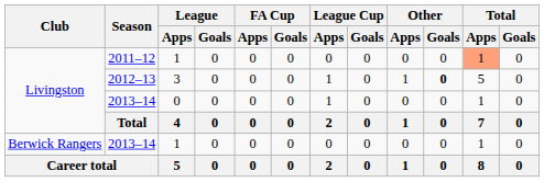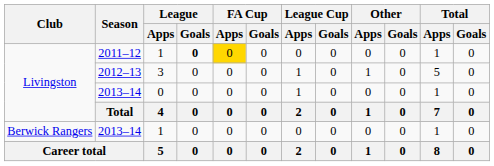 <table class="wikitable" style="text-align: center;">
 <tr>
 <th rowspan="2">Club</th>
 <th rowspan="2">Season</th>
 <th colspan="2">League</th>
 <th colspan="2">FA Cup</th>
 <th colspan="2">League Cup</th>
 <th colspan="2">Other</th>
 <th colspan="2">Total</th>
 </tr>
 <tr>
 <th>Apps</th>
 <th>Goals</th>
 <th>Apps</th>
 <th>Goals</th>
 <th>Apps</th>
 <th>Goals</th>
 <th>Apps</th>
 <th>Goals</th>
 <th>Apps</th>
 <th>Goals</th>
 </tr>
 <tr>
 <td rowspan="4" valign="center"><a href='#'>Livingston</a></td>
 <td><a href='#'>2011–12</a></td>
 <td>1</td>
+<td><strong>0</strong></td>
+<td style="background: gold;">0</td>
 <td>0</td>
 <td>0</td>
 <td>0</td>
 <td>0</td>
 <td>0</td>
-<td>0</td>
-<td>0</td>
-<td style="background: lightsalmon;">1</td>
+<td>1</td>
 <td>0</td>
 </tr>
 <tr>
 <td><a href='#'>2012–13</a></td>
 <td>3</td>
 <td>0</td>
 <td>0</td>
 <td>0</td>
 <td>1</td>
 <td>0</td>
 <td>1</td>
-<td><strong>0</strong></td>
+<td>0</td>
 <td>5</td>
 <td>0</td>
 </tr>
 <tr>
 <td><a href='#'>2013–14</a></td>
 <td>0</td>
 <td>0</td>
 <td>0</td>
 <td>0</td>
 <td>1</td>
 <td>0</td>
 <td>0</td>
 <td>0</td>
 <td>1</td>
 <td>0</td>
 </tr>
 <tr>
 <th>Total</th>
 <th>4</th>
 <th>0</th>
 <th>0</th>
 <th>0</th>
 <th>2</th>
 <th>0</th>
 <th>1</th>
 <th>0</th>
 <th>7</th>
 <th>0</th>
 </tr>
 <tr>
 <td rowspan="1" valign="center"><a href='#'>Berwick Rangers</a></td>
 <td><a href='#'>2013–14</a></td>
 <td>1</td>
 <td>0</td>
 <td>0</td>
 <td>0</td>
 <td>0</td>
 <td>0</td>
 <td>0</td>
 <td>0</td>
 <td>1</td>
 <td>0</td>
 </tr>
 <tr>
 <th colspan="2">Career total</th>
 <th>5</th>
 <th>0</th>
 <th>0</th>
 <th>0</th>
 <th>2</th>
 <th>0</th>
 <th>1</th>
 <th>0</th>
 <th>8</th>
 <th>0</th>
 </tr>
 </table>
